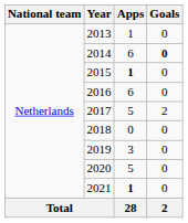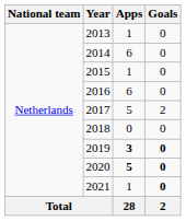 <table class=wikitable style=text-align:center>
 <tr>
 <th>National team</th>
 <th>Year</th>
 <th>Apps</th>
 <th>Goals</th>
 </tr>
 <tr>
 <td rowspan=9><a href='#'>Netherlands</a></td>
 <td>2013</td>
 <td>1</td>
 <td>0</td>
 </tr>
 <tr>
 <td>2014</td>
 <td>6</td>
-<td><strong>0</strong></td>
+<td>0</td>
 </tr>
 <tr>
 <td>2015</td>
-<td><strong>1</strong></td>
+<td>1</td>
 <td>0</td>
 </tr>
 <tr>
 <td>2016</td>
 <td>6</td>
 <td>0</td>
 </tr>
 <tr>
 <td>2017</td>
 <td>5</td>
 <td>2</td>
 </tr>
 <tr>
 <td>2018</td>
 <td>0</td>
 <td>0</td>
 </tr>
 <tr>
 <td>2019</td>
-<td>3</td>
-<td>0</td>
+<td><strong>3</strong></td>
+<td><strong>0</strong></td>
 </tr>
 <tr>
 <td>2020</td>
-<td>5</td>
-<td>0</td>
+<td><strong>5</strong></td>
+<td><strong>0</strong></td>
 </tr>
 <tr>
 <td>2021</td>
-<td><strong>1</strong></td>
-<td>0</td>
+<td>1</td>
+<td><strong>0</strong></td>
 </tr>
 <tr>
 <th colspan=2>Total</th>
 <th>28</th>
 <th>2</th>
 </tr>
 </table>
